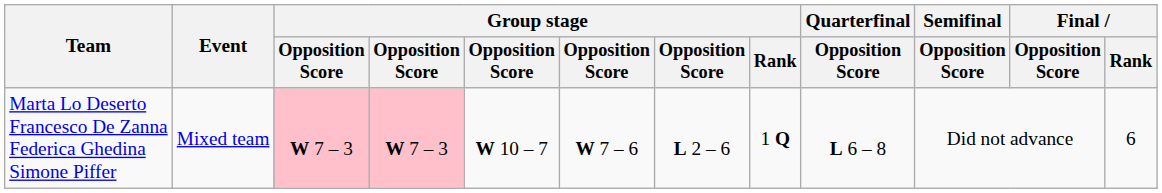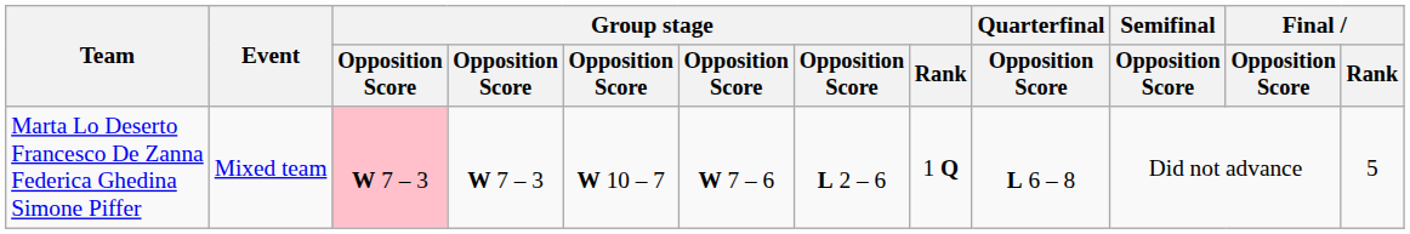 <table class="wikitable" style="font-size:90%">
 <tr>
 <th rowspan=2>Team</th>
 <th rowspan=2>Event</th>
 <th colspan=6>Group stage</th>
 <th>Quarterfinal</th>
 <th>Semifinal</th>
 <th colspan=2>Final / </th>
 </tr>
 <tr style="font-size:95%">
 <th>Opposition<br>Score</th>
 <th>Opposition<br>Score</th>
 <th>Opposition<br>Score</th>
 <th>Opposition<br>Score</th>
 <th>Opposition<br>Score</th>
 <th>Rank</th>
 <th>Opposition<br>Score</th>
 <th>Opposition<br>Score</th>
 <th>Opposition<br>Score</th>
 <th>Rank</th>
 </tr>
 <tr align=center>
 <td align=left><a href='#'>Marta Lo Deserto</a><br><a href='#'>Francesco De Zanna</a><br><a href='#'>Federica Ghedina</a><br><a href='#'>Simone Piffer</a></td>
 <td align=left><a href='#'>Mixed team</a></td>
 <td style="background: pink;"><br><strong>W</strong> 7 – 3</td>
-<td style="background: pink;"><br><strong>W</strong> 7 – 3</td>
+<td><br><strong>W</strong> 7 – 3</td>
 <td><br><strong>W</strong> 10 – 7</td>
 <td><br><strong>W</strong> 7 – 6</td>
 <td><br><strong>L</strong> 2 – 6</td>
 <td>1 <strong>Q</strong></td>
 <td><br><strong>L</strong> 6 – 8</td>
 <td colspan=2>Did not advance</td>
-<td>6</td>
+<td>5</td>
 </tr>
 </table>
